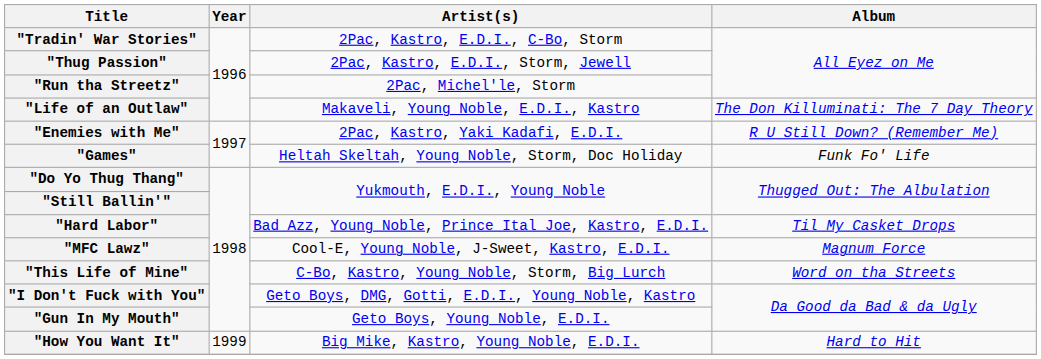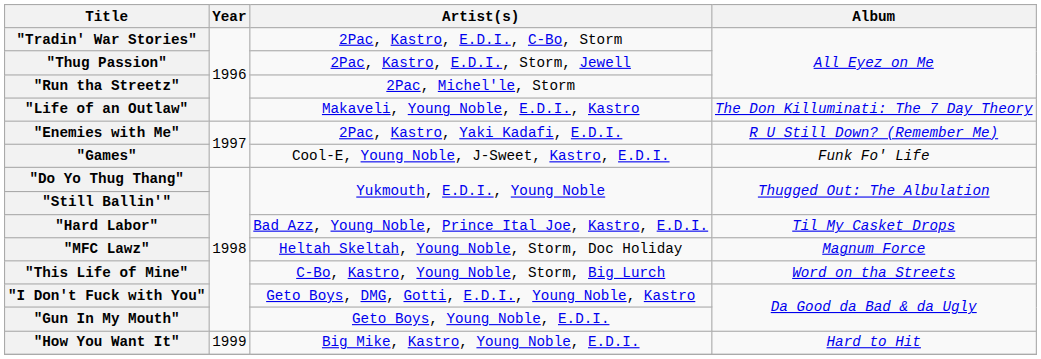 <table class="wikitable plainrowheaders" style="text-align:center;">
 <tr>
 <th scope="col">Title</th>
 <th scope="col">Year</th>
 <th scope="col">Artist(s)</th>
 <th scope="col">Album</th>
 </tr>
 <tr>
 <th scope="row">"Tradin' War Stories"</th>
 <td rowspan="4">1996</td>
 <td><a href='#'>2Pac</a>, <a href='#'>Kastro</a>, <a href='#'>E.D.I.</a>, <a href='#'>C-Bo</a>, Storm</td>
 <td rowspan="3"><em><a href='#'>All Eyez on Me</a></em></td>
 </tr>
 <tr>
 <th scope="row">"Thug Passion"</th>
 <td><a href='#'>2Pac</a>, <a href='#'>Kastro</a>, <a href='#'>E.D.I.</a>, Storm, <a href='#'>Jewell</a></td>
 </tr>
 <tr>
 <th scope="row">"Run tha Streetz"</th>
 <td><a href='#'>2Pac</a>, <a href='#'>Michel'le</a>, Storm</td>
 </tr>
 <tr>
 <th scope="row">"Life of an Outlaw"</th>
 <td><a href='#'>Makaveli</a>, <a href='#'>Young Noble</a>, <a href='#'>E.D.I.</a>, <a href='#'>Kastro</a></td>
 <td><em><a href='#'>The Don Killuminati: The 7 Day Theory</a></em></td>
 </tr>
 <tr>
 <th scope="row">"Enemies with Me"</th>
 <td rowspan="2">1997</td>
 <td><a href='#'>2Pac</a>, <a href='#'>Kastro</a>, <a href='#'>Yaki Kadafi</a>, <a href='#'>E.D.I.</a></td>
 <td><em><a href='#'>R U Still Down? (Remember Me)</a></em></td>
 </tr>
 <tr>
 <th scope="row">"Games"</th>
-<td><a href='#'>Heltah Skeltah</a>, <a href='#'>Young Noble</a>, Storm, Doc Holiday</td>
+<td>Cool-E, <a href='#'>Young Noble</a>, J-Sweet, <a href='#'>Kastro</a>, <a href='#'>E.D.I.</a></td>
 <td><em>Funk Fo' Life</em></td>
 </tr>
 <tr>
 <th scope="row">"Do Yo Thug Thang"</th>
 <td rowspan="7">1998</td>
 <td rowspan="2"><a href='#'>Yukmouth</a>, <a href='#'>E.D.I.</a>, <a href='#'>Young Noble</a></td>
 <td rowspan="2"><em><a href='#'>Thugged Out: The Albulation</a></em></td>
 </tr>
 <tr>
 <th scope="row">"Still Ballin'"</th>
 </tr>
 <tr>
 <th scope="row">"Hard Labor"</th>
 <td><a href='#'>Bad Azz</a>, <a href='#'>Young Noble</a>, <a href='#'>Prince Ital Joe</a>, <a href='#'>Kastro</a>, <a href='#'>E.D.I.</a></td>
 <td><em><a href='#'>Til My Casket Drops</a></em></td>
 </tr>
 <tr>
 <th scope="row">"MFC Lawz"</th>
-<td>Cool-E, <a href='#'>Young Noble</a>, J-Sweet, <a href='#'>Kastro</a>, <a href='#'>E.D.I.</a></td>
+<td><a href='#'>Heltah Skeltah</a>, <a href='#'>Young Noble</a>, Storm, Doc Holiday</td>
 <td><em><a href='#'>Magnum Force</a></em></td>
 </tr>
 <tr>
 <th scope="row">"This Life of Mine"</th>
 <td><a href='#'>C-Bo</a>, <a href='#'>Kastro</a>, <a href='#'>Young Noble</a>, Storm, <a href='#'>Big Lurch</a></td>
 <td><em><a href='#'>Word on tha Streets</a></em></td>
 </tr>
 <tr>
 <th scope="row">"I Don't Fuck with You"</th>
 <td><a href='#'>Geto Boys</a>, <a href='#'>DMG</a>, <a href='#'>Gotti</a>, <a href='#'>E.D.I.</a>, <a href='#'>Young Noble</a>, <a href='#'>Kastro</a></td>
 <td rowspan="2"><em><a href='#'>Da Good da Bad & da Ugly</a></em></td>
 </tr>
 <tr>
 <th scope="row">"Gun In My Mouth"</th>
 <td><a href='#'>Geto Boys</a>, <a href='#'>Young Noble</a>, <a href='#'>E.D.I.</a></td>
 </tr>
 <tr>
 <th scope="row">"How You Want It"</th>
 <td>1999</td>
 <td><a href='#'>Big Mike</a>, <a href='#'>Kastro</a>, <a href='#'>Young Noble</a>, <a href='#'>E.D.I.</a></td>
 <td><em><a href='#'>Hard to Hit</a></em></td>
 </tr>
 <tr>
 </tr>
 </table>
